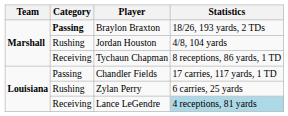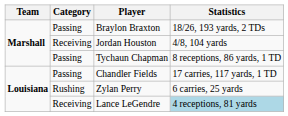 <table class="wikitable" style="float: right;">
 <tr>
 <th>Team</th>
 <th>Category</th>
 <th>Player</th>
 <th>Statistics</th>
 </tr>
 <tr>
 <td rowspan=3><strong>Marshall</strong></td>
-<td><strong>Passing</strong></td>
+<td>Passing</td>
 <td>Braylon Braxton</td>
 <td>18/26, 193 yards, 2 TDs</td>
 </tr>
 <tr>
-<td>Rushing</td>
+<td>Receiving</td>
 <td>Jordan Houston</td>
 <td>4/8, 104 yards</td>
 </tr>
 <tr>
-<td>Receiving</td>
+<td>Passing</td>
 <td>Tychaun Chapman</td>
 <td>8 receptions, 86 yards, 1 TD</td>
 </tr>
 <tr>
 <td rowspan=3><strong>Louisiana</strong></td>
 <td>Passing</td>
 <td>Chandler Fields</td>
 <td>17 carries, 117 yards, 1 TD</td>
 </tr>
 <tr>
 <td>Rushing</td>
 <td>Zylan Perry</td>
 <td>6 carries, 25 yards</td>
 </tr>
 <tr>
 <td>Receiving</td>
 <td>Lance LeGendre</td>
 <td style="background: lightblue;">4 receptions, 81 yards</td>
 </tr>
 </table>
